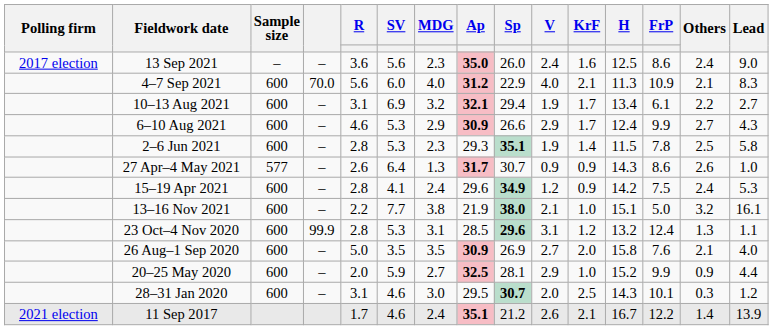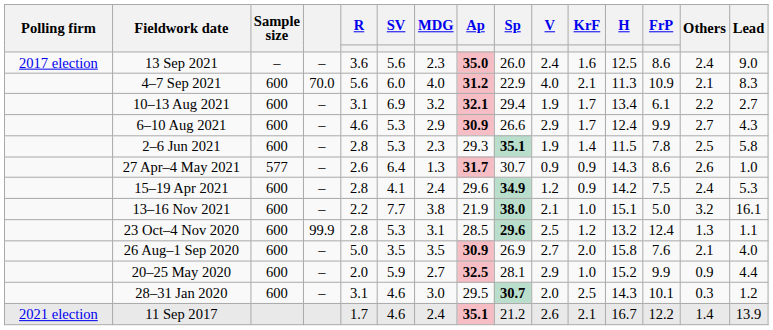 <table class="wikitable mw-collapsible sortable" style="text-align:center;font-size:90%;line-height:14px;">
 <tr style="height:40px;">
 <th rowspan="2" style="width:100px;">Polling firm</th>
 <th rowspan="2" style="width:130px;">Fieldwork date</th>
 <th rowspan="2" style="width:35px;">Sample<br>size</th>
 <th rowspan="2" style="width:30px;"></th>
 <th class="unsortable" style="width:30px;"><a href='#'>R</a></th>
 <th class="unsortable" style="width:30px;"><a href='#'>SV</a></th>
 <th class="unsortable" style="width:30px;"><a href='#'>MDG</a></th>
 <th class="unsortable" style="width:30px;"><a href='#'>Ap</a></th>
 <th class="unsortable" style="width:30px;"><a href='#'>Sp</a></th>
 <th class="unsortable" style="width:30px;"><a href='#'>V</a></th>
 <th class="unsortable" style="width:30px;"><a href='#'>KrF</a></th>
 <th class="unsortable" style="width:30px;"><a href='#'>H</a></th>
 <th class="unsortable" style="width:30px;"><a href='#'>FrP</a></th>
 <th class="unsortable" style="width:20px;" rowspan="2">Others</th>
 <th rowspan="2" style="width:30px;">Lead</th>
 </tr>
 <tr style="background:#E9E9E9;">
 <th style="background:"></th>
 <th style="background:"></th>
 <th style="background:"></th>
 <th style="background:"></th>
 <th style="background:"></th>
 <th style="background:"></th>
 <th style="background:"></th>
 <th style="background:"></th>
 <th style="background:"></th>
 </tr>
 <tr>
 <td><a href='#'>2017 election</a></td>
 <td>13 Sep 2021</td>
 <td>–</td>
 <td>–</td>
 <td>3.6</td>
 <td>5.6</td>
 <td>2.3</td>
 <td style="background:#F7BDC5;"><strong>35.0</strong></td>
 <td>26.0</td>
 <td>2.4</td>
 <td>1.6</td>
 <td>12.5</td>
 <td>8.6</td>
 <td>2.4</td>
 <td style="background:">9.0</td>
 </tr>
 <tr>
 <td></td>
 <td>4–7 Sep 2021</td>
 <td>600</td>
 <td>70.0</td>
 <td>5.6</td>
 <td>6.0</td>
 <td>4.0</td>
 <td style="background:#F7BDC5;"><strong>31.2</strong></td>
 <td>22.9</td>
 <td>4.0</td>
 <td>2.1</td>
 <td>11.3</td>
 <td>10.9</td>
 <td>2.1</td>
 <td style="background:">8.3</td>
 </tr>
 <tr>
 <td></td>
 <td>10–13 Aug 2021</td>
 <td>600</td>
 <td>–</td>
 <td>3.1</td>
 <td>6.9</td>
 <td>3.2</td>
 <td style="background:#F7BDC5;"><strong>32.1</strong></td>
 <td>29.4</td>
 <td>1.9</td>
 <td>1.7</td>
 <td>13.4</td>
 <td>6.1</td>
 <td>2.2</td>
 <td style="background:">2.7</td>
 </tr>
 <tr>
 <td></td>
 <td>6–10 Aug 2021</td>
 <td>600</td>
 <td>–</td>
 <td>4.6</td>
 <td>5.3</td>
 <td>2.9</td>
 <td style="background:#F7BDC5;"><strong>30.9</strong></td>
 <td>26.6</td>
 <td>2.9</td>
 <td>1.7</td>
 <td>12.4</td>
 <td>9.9</td>
 <td>2.7</td>
 <td style="background:">4.3</td>
 </tr>
 <tr>
 <td></td>
 <td>2–6 Jun 2021</td>
 <td>600</td>
 <td>–</td>
 <td>2.8</td>
 <td>5.3</td>
 <td>2.3</td>
 <td>29.3</td>
 <td style="background:#BADECC;"><strong>35.1</strong></td>
 <td>1.9</td>
 <td>1.4</td>
 <td>11.5</td>
 <td>7.8</td>
 <td>2.5</td>
 <td style="background:">5.8</td>
 </tr>
 <tr>
 <td></td>
 <td>27 Apr–4 May 2021</td>
 <td>577</td>
 <td>–</td>
 <td>2.6</td>
 <td>6.4</td>
 <td>1.3</td>
 <td style="background:#F7BDC5;"><strong>31.7</strong></td>
 <td>30.7</td>
 <td>0.9</td>
 <td>0.9</td>
 <td>14.3</td>
 <td>8.6</td>
 <td>2.6</td>
 <td style="background:">1.0</td>
 </tr>
 <tr>
 <td></td>
 <td>15–19 Apr 2021</td>
 <td>600</td>
 <td>–</td>
 <td>2.8</td>
 <td>4.1</td>
 <td>2.4</td>
 <td>29.6</td>
 <td style="background:#BADECC;"><strong>34.9</strong></td>
 <td>1.2</td>
 <td>0.9</td>
 <td>14.2</td>
 <td>7.5</td>
 <td>2.4</td>
 <td style="background:">5.3</td>
 </tr>
 <tr>
 <td></td>
 <td>13–16 Nov 2021</td>
 <td>600</td>
 <td>–</td>
 <td>2.2</td>
 <td>7.7</td>
 <td>3.8</td>
 <td>21.9</td>
 <td style="background:#BADECC;"><strong>38.0</strong></td>
 <td>2.1</td>
 <td>1.0</td>
 <td>15.1</td>
 <td>5.0</td>
 <td>3.2</td>
 <td style="background:">16.1</td>
 </tr>
 <tr>
 <td></td>
 <td>23 Oct–4 Nov 2020</td>
 <td>600</td>
 <td>99.9</td>
 <td>2.8</td>
 <td>5.3</td>
 <td>3.1</td>
 <td>28.5</td>
 <td style="background:#BADECC;"><strong>29.6</strong></td>
-<td>3.1</td>
+<td>2.5</td>
 <td>1.2</td>
 <td>13.2</td>
 <td>12.4</td>
 <td>1.3</td>
 <td style="background:">1.1</td>
 </tr>
 <tr>
 <td></td>
 <td>26 Aug–1 Sep 2020</td>
 <td>600</td>
 <td>–</td>
 <td>5.0</td>
 <td>3.5</td>
 <td>3.5</td>
 <td style="background:#F7BDC5;"><strong>30.9</strong></td>
 <td>26.9</td>
 <td>2.7</td>
 <td>2.0</td>
 <td>15.8</td>
 <td>7.6</td>
 <td>2.1</td>
 <td style="background:">4.0</td>
 </tr>
 <tr>
 <td></td>
 <td>20–25 May 2020</td>
 <td>600</td>
 <td>–</td>
 <td>2.0</td>
 <td>5.9</td>
 <td>2.7</td>
 <td style="background:#F7BDC5;"><strong>32.5</strong></td>
 <td>28.1</td>
 <td>2.9</td>
 <td>1.0</td>
 <td>15.2</td>
 <td>9.9</td>
 <td>0.9</td>
 <td style="background:">4.4</td>
 </tr>
 <tr>
 <td></td>
 <td>28–31 Jan 2020</td>
 <td>600</td>
 <td>–</td>
 <td>3.1</td>
 <td>4.6</td>
 <td>3.0</td>
 <td>29.5</td>
 <td style="background:#BADECC;"><strong>30.7</strong></td>
 <td>2.0</td>
 <td>2.5</td>
 <td>14.3</td>
 <td>10.1</td>
 <td>0.3</td>
 <td style="background:">1.2</td>
 </tr>
 <tr style="background:#E9E9E9;">
 <td><a href='#'>2021 election</a></td>
 <td>11 Sep 2017</td>
 <td></td>
 <td></td>
 <td>1.7</td>
 <td>4.6</td>
 <td>2.4</td>
 <td style="background:#F7BDC5;"><strong>35.1</strong></td>
 <td>21.2</td>
 <td>2.6</td>
 <td>2.1</td>
 <td>16.7</td>
 <td>12.2</td>
 <td>1.4</td>
 <td style="background:">13.9</td>
 </tr>
 </table>
